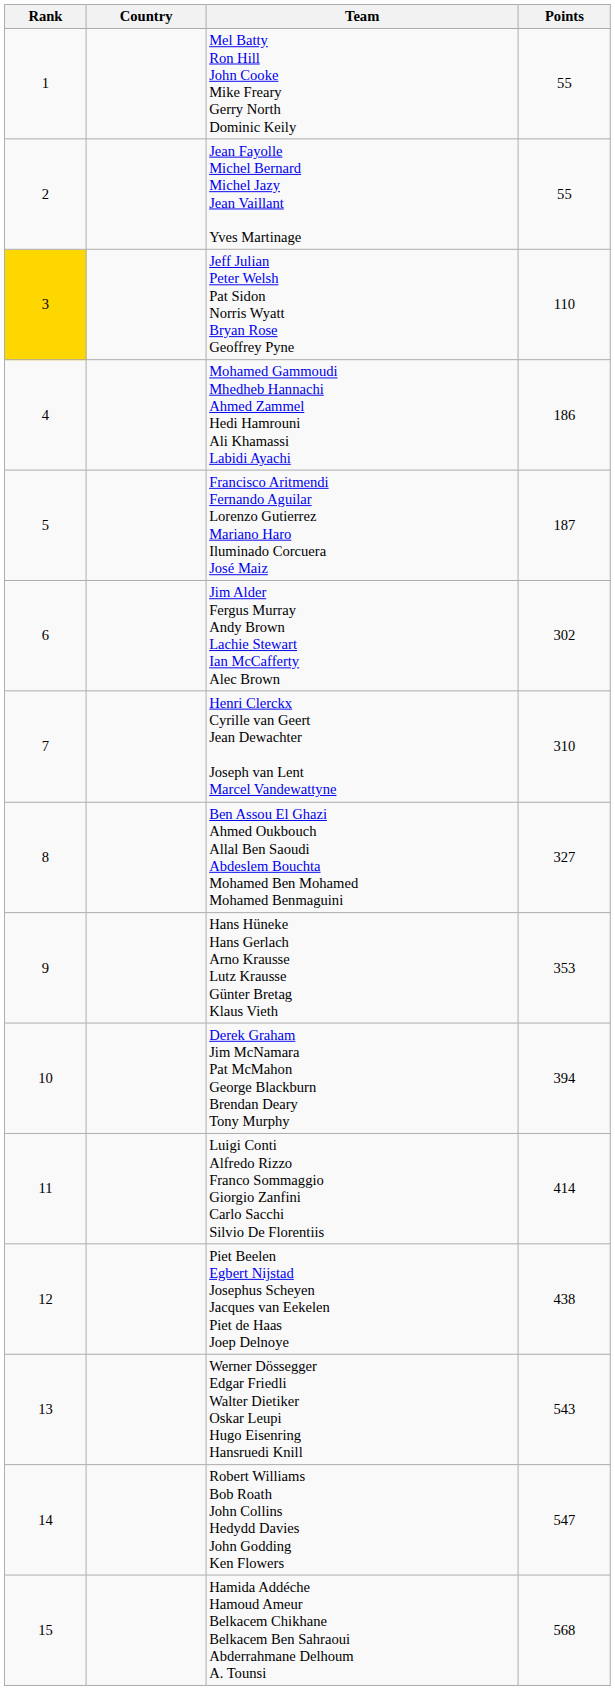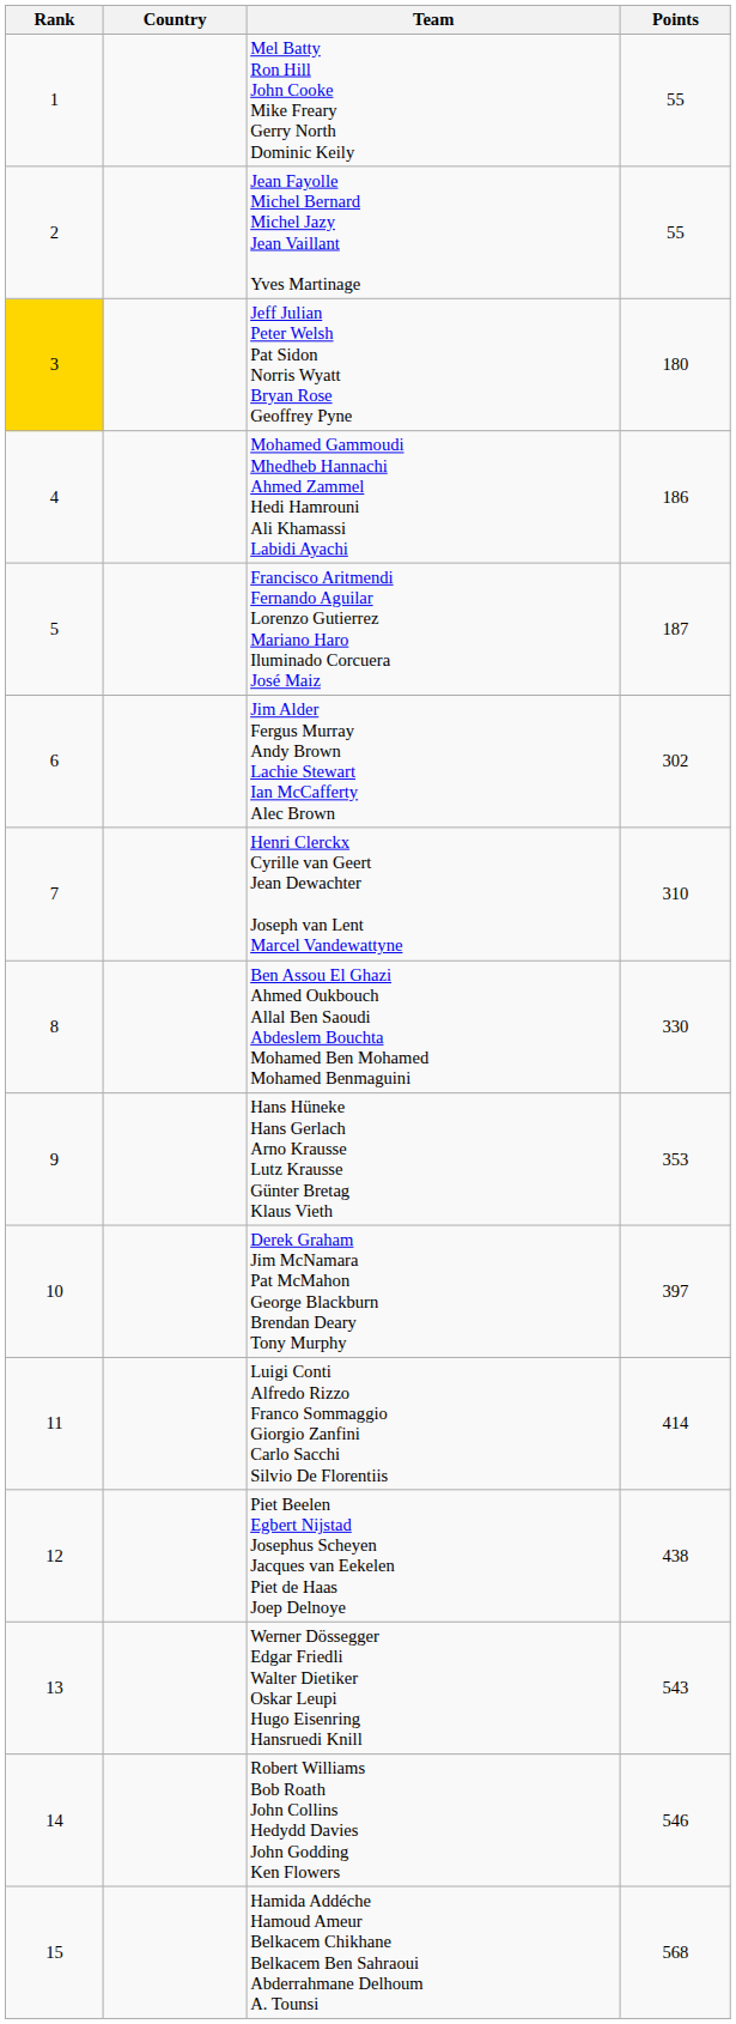 <table class="wikitable sortable" style=" text-align:center; font-size:95%;" width="50%">
 <tr>
 <th>Rank</th>
 <th>Country</th>
 <th>Team</th>
 <th>Points</th>
 </tr>
 <tr>
 <td align=center>1</td>
 <td align=left></td>
 <td align=left><a href='#'>Mel Batty</a><br><a href='#'>Ron Hill</a><br><a href='#'>John Cooke</a><br>Mike Freary<br>Gerry North<br>Dominic Keily</td>
 <td>55</td>
 </tr>
 <tr>
 <td align=center>2</td>
 <td align=left></td>
 <td align=left><a href='#'>Jean Fayolle</a><br><a href='#'>Michel Bernard</a><br><a href='#'>Michel Jazy</a><br><a href='#'>Jean Vaillant</a><br><br>Yves Martinage</td>
 <td>55</td>
 </tr>
 <tr>
 <td align=center style="background: gold;">3</td>
 <td align=left></td>
 <td align=left><a href='#'>Jeff Julian</a><br><a href='#'>Peter Welsh</a><br>Pat Sidon<br>Norris Wyatt<br><a href='#'>Bryan Rose</a><br>Geoffrey Pyne</td>
-<td>110</td>
+<td>180</td>
 </tr>
 <tr>
 <td align=center>4</td>
 <td align=left></td>
 <td align=left><a href='#'>Mohamed Gammoudi</a><br><a href='#'>Mhedheb Hannachi</a><br><a href='#'>Ahmed Zammel</a><br>Hedi Hamrouni<br>Ali Khamassi<br><a href='#'>Labidi Ayachi</a></td>
 <td>186</td>
 </tr>
 <tr>
 <td align=center>5</td>
 <td align=left></td>
 <td align=left><a href='#'>Francisco Aritmendi</a><br><a href='#'>Fernando Aguilar</a><br>Lorenzo Gutierrez<br><a href='#'>Mariano Haro</a><br>Iluminado Corcuera<br><a href='#'>José Maiz</a></td>
 <td>187</td>
 </tr>
 <tr>
 <td align=center>6</td>
 <td align=left></td>
 <td align=left><a href='#'>Jim Alder</a><br>Fergus Murray<br>Andy Brown<br><a href='#'>Lachie Stewart</a><br><a href='#'>Ian McCafferty</a><br>Alec Brown</td>
 <td>302</td>
 </tr>
 <tr>
 <td align=center>7</td>
 <td align=left></td>
 <td align=left><a href='#'>Henri Clerckx</a><br>Cyrille van Geert<br>Jean Dewachter<br><br>Joseph van Lent<br><a href='#'>Marcel Vandewattyne</a></td>
 <td>310</td>
 </tr>
 <tr>
 <td align=center>8</td>
 <td align=left></td>
 <td align=left><a href='#'>Ben Assou El Ghazi</a><br>Ahmed Oukbouch<br>Allal Ben Saoudi<br><a href='#'>Abdeslem Bouchta</a><br>Mohamed Ben Mohamed<br>Mohamed Benmaguini</td>
-<td>327</td>
+<td>330</td>
 </tr>
 <tr>
 <td align=center>9</td>
 <td align=left></td>
 <td align=left>Hans Hüneke<br>Hans Gerlach<br>Arno Krausse<br>Lutz Krausse<br>Günter Bretag<br>Klaus Vieth</td>
 <td>353</td>
 </tr>
 <tr>
 <td align=center>10</td>
 <td align=left></td>
 <td align=left><a href='#'>Derek Graham</a><br>Jim McNamara<br>Pat McMahon<br>George Blackburn<br>Brendan Deary<br>Tony Murphy</td>
-<td>394</td>
+<td>397</td>
 </tr>
 <tr>
 <td align=center>11</td>
 <td align=left></td>
 <td align=left>Luigi Conti<br>Alfredo Rizzo<br>Franco Sommaggio<br>Giorgio Zanfini<br>Carlo Sacchi<br>Silvio De Florentiis</td>
 <td>414</td>
 </tr>
 <tr>
 <td align=center>12</td>
 <td align=left></td>
 <td align=left>Piet Beelen<br><a href='#'>Egbert Nijstad</a><br>Josephus Scheyen<br>Jacques van Eekelen<br>Piet de Haas<br>Joep Delnoye</td>
 <td>438</td>
 </tr>
 <tr>
 <td align=center>13</td>
 <td align=left></td>
 <td align=left>Werner Dössegger<br>Edgar Friedli<br>Walter Dietiker<br>Oskar Leupi<br>Hugo Eisenring<br>Hansruedi Knill</td>
 <td>543</td>
 </tr>
 <tr>
 <td align=center>14</td>
 <td align=left></td>
 <td align=left>Robert Williams<br>Bob Roath<br>John Collins<br>Hedydd Davies<br>John Godding<br>Ken Flowers</td>
-<td>547</td>
+<td>546</td>
 </tr>
 <tr>
 <td align=center>15</td>
 <td align=left></td>
 <td align=left>Hamida Addéche<br>Hamoud Ameur<br>Belkacem Chikhane<br>Belkacem Ben Sahraoui<br>Abderrahmane Delhoum<br>A. Tounsi</td>
 <td>568</td>
 </tr>
 </table>
